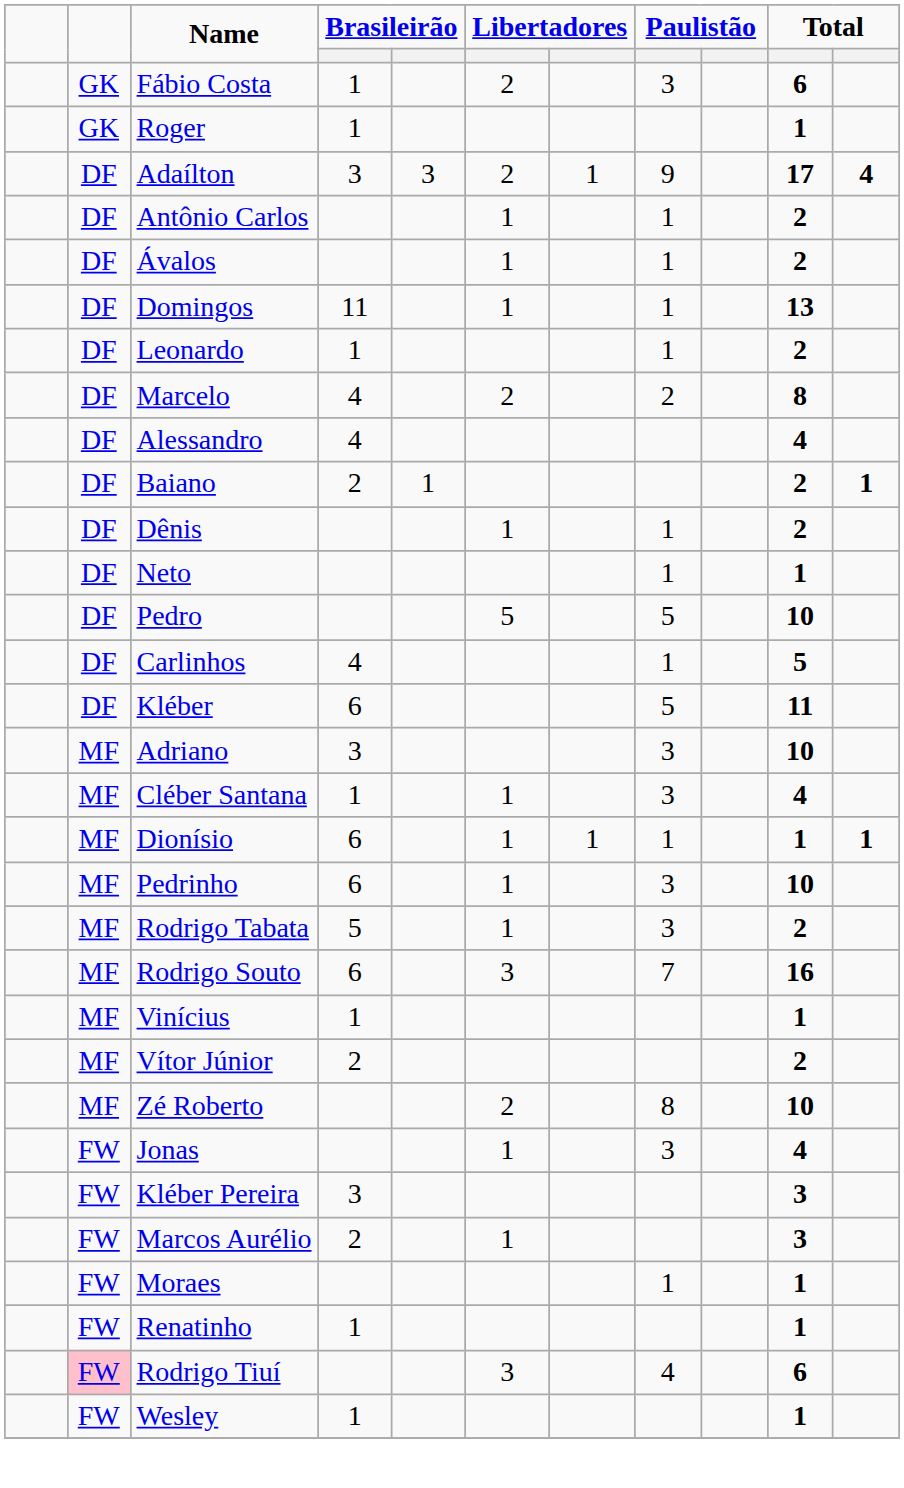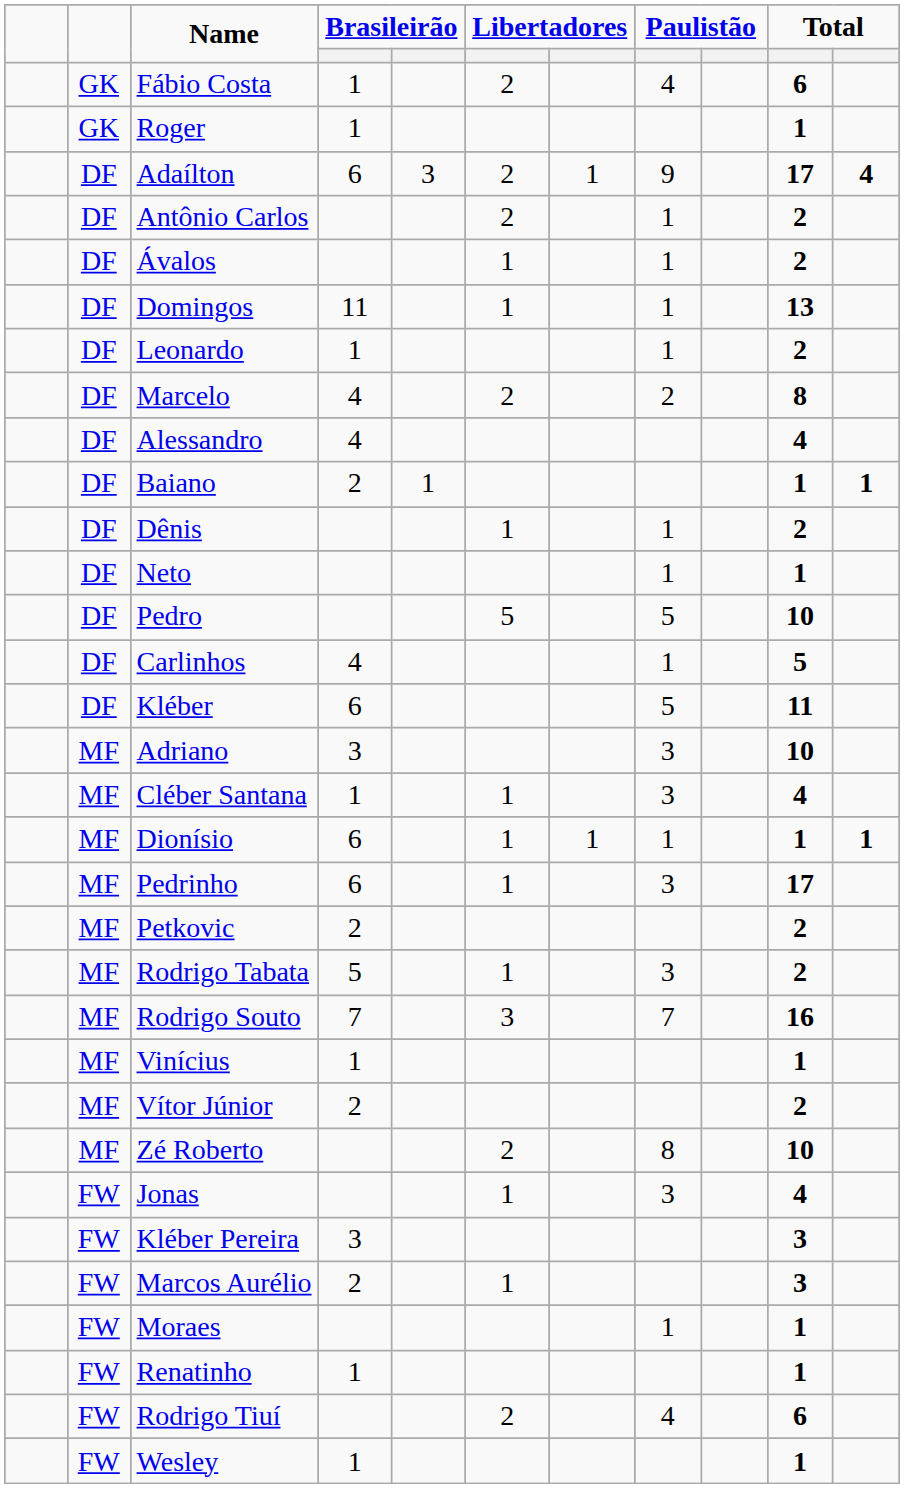 <table class="wikitable" style="text-align:center;">
 <tr style="text-align:center;">
 <td rowspan="2"  style="width:7%;"><strong></strong></td>
 <td rowspan="2"  style="width:7%;"><strong></strong></td>
 <td rowspan="2"  style="width:21%;"><strong>Name</strong></td>
 <td colspan="2"><strong><a href='#'>Brasileirão</a></strong></td>
 <td colspan="2"><strong><a href='#'>Libertadores</a></strong></td>
 <td colspan="2"><strong><a href='#'>Paulistão</a></strong></td>
 <td colspan="2"><strong>Total</strong></td>
 </tr>
 <tr>
 <th style="width:30px;"></th>
 <th style="width:30px;"></th>
 <th style="width:30px;"></th>
 <th style="width:30px;"></th>
 <th style="width:30px;"></th>
 <th style="width:30px;"></th>
 <th style="width:30px;"></th>
 <th style="width:30px;"></th>
 </tr>
 <tr>
 <td></td>
 <td><a href='#'>GK</a></td>
 <td style="text-align:left;"><a href='#'>Fábio Costa</a></td>
 <td>1</td>
 <td></td>
 <td>2</td>
 <td></td>
-<td>3</td>
+<td>4</td>
 <td></td>
 <td><strong>6</strong></td>
 <td></td>
 </tr>
 <tr>
 <td></td>
 <td><a href='#'>GK</a></td>
 <td style="text-align:left;"><a href='#'>Roger</a></td>
 <td>1</td>
 <td></td>
 <td></td>
 <td></td>
 <td></td>
 <td></td>
 <td><strong>1</strong></td>
 <td></td>
 </tr>
 <tr>
 <td></td>
 <td><a href='#'>DF</a></td>
 <td style="text-align:left;"><a href='#'>Adaílton</a></td>
-<td>3</td>
+<td>6</td>
 <td>3</td>
 <td>2</td>
 <td>1</td>
 <td>9</td>
 <td></td>
 <td><strong>17</strong></td>
 <td><strong>4</strong></td>
 </tr>
 <tr>
 <td></td>
 <td><a href='#'>DF</a></td>
 <td style="text-align:left;"><a href='#'>Antônio Carlos</a></td>
 <td></td>
 <td></td>
-<td>1</td>
+<td>2</td>
 <td></td>
 <td>1</td>
 <td></td>
 <td><strong>2</strong></td>
 <td></td>
 </tr>
 <tr>
 <td></td>
 <td><a href='#'>DF</a></td>
 <td style="text-align:left;"><a href='#'>Ávalos</a></td>
 <td></td>
 <td></td>
 <td>1</td>
 <td></td>
 <td>1</td>
 <td></td>
 <td><strong>2</strong></td>
 <td></td>
 </tr>
 <tr>
 <td></td>
 <td><a href='#'>DF</a></td>
 <td style="text-align:left;"><a href='#'>Domingos</a></td>
 <td>11</td>
 <td></td>
 <td>1</td>
 <td></td>
 <td>1</td>
 <td></td>
 <td><strong>13</strong></td>
 <td></td>
 </tr>
 <tr>
 <td></td>
 <td><a href='#'>DF</a></td>
 <td style="text-align:left;"><a href='#'>Leonardo</a></td>
 <td>1</td>
 <td></td>
 <td></td>
 <td></td>
 <td>1</td>
 <td></td>
 <td><strong>2</strong></td>
 <td></td>
 </tr>
 <tr>
 <td></td>
 <td><a href='#'>DF</a></td>
 <td style="text-align:left;"><a href='#'>Marcelo</a></td>
 <td>4</td>
 <td></td>
 <td>2</td>
 <td></td>
 <td>2</td>
 <td></td>
 <td><strong>8</strong></td>
 <td></td>
 </tr>
 <tr>
 <td></td>
 <td><a href='#'>DF</a></td>
 <td style="text-align:left;"><a href='#'>Alessandro</a></td>
 <td>4</td>
 <td></td>
 <td></td>
 <td></td>
 <td></td>
 <td></td>
 <td><strong>4</strong></td>
 <td></td>
 </tr>
 <tr>
 <td></td>
 <td><a href='#'>DF</a></td>
 <td style="text-align:left;"><a href='#'>Baiano</a></td>
 <td>2</td>
 <td>1</td>
 <td></td>
 <td></td>
 <td></td>
 <td></td>
-<td><strong>2</strong></td>
+<td><strong>1</strong></td>
 <td><strong>1</strong></td>
 </tr>
 <tr>
 <td></td>
 <td><a href='#'>DF</a></td>
 <td style="text-align:left;"><a href='#'>Dênis</a></td>
 <td></td>
 <td></td>
 <td>1</td>
 <td></td>
 <td>1</td>
 <td></td>
 <td><strong>2</strong></td>
 <td></td>
 </tr>
 <tr>
 <td></td>
 <td><a href='#'>DF</a></td>
 <td style="text-align:left;"><a href='#'>Neto</a></td>
 <td></td>
 <td></td>
 <td></td>
 <td></td>
 <td>1</td>
 <td></td>
 <td><strong>1</strong></td>
 <td></td>
 </tr>
 <tr>
 <td></td>
 <td><a href='#'>DF</a></td>
 <td style="text-align:left;"><a href='#'>Pedro</a></td>
 <td></td>
 <td></td>
 <td>5</td>
 <td></td>
 <td>5</td>
 <td></td>
 <td><strong>10</strong></td>
 <td></td>
 </tr>
 <tr>
 <td></td>
 <td><a href='#'>DF</a></td>
 <td style="text-align:left;"><a href='#'>Carlinhos</a></td>
 <td>4</td>
 <td></td>
 <td></td>
 <td></td>
 <td>1</td>
 <td></td>
 <td><strong>5</strong></td>
 <td></td>
 </tr>
 <tr>
 <td></td>
 <td><a href='#'>DF</a></td>
 <td style="text-align:left;"><a href='#'>Kléber</a></td>
 <td>6</td>
 <td></td>
 <td></td>
 <td></td>
 <td>5</td>
 <td></td>
 <td><strong>11</strong></td>
 <td></td>
 </tr>
 <tr>
 <td></td>
 <td><a href='#'>MF</a></td>
 <td style="text-align:left;"><a href='#'>Adriano</a></td>
 <td>3</td>
 <td></td>
 <td></td>
 <td></td>
 <td>3</td>
 <td></td>
 <td><strong>10</strong></td>
 <td></td>
 </tr>
 <tr>
 <td></td>
 <td><a href='#'>MF</a></td>
 <td style="text-align:left;"><a href='#'>Cléber Santana</a></td>
 <td>1</td>
 <td></td>
 <td>1</td>
 <td></td>
 <td>3</td>
 <td></td>
 <td><strong>4</strong></td>
 <td></td>
 </tr>
 <tr>
 <td></td>
 <td><a href='#'>MF</a></td>
 <td style="text-align:left;"><a href='#'>Dionísio</a></td>
 <td>6</td>
 <td></td>
 <td>1</td>
 <td>1</td>
 <td>1</td>
 <td></td>
 <td><strong>1</strong></td>
 <td><strong>1</strong></td>
 </tr>
 <tr>
 <td></td>
 <td><a href='#'>MF</a></td>
 <td style="text-align:left;"><a href='#'>Pedrinho</a></td>
 <td>6</td>
 <td></td>
 <td>1</td>
 <td></td>
 <td>3</td>
 <td></td>
-<td><strong>10</strong></td>
+<td><strong>17</strong></td>
+<td></td>
+</tr>
+<tr>
+<td></td>
+<td><a href='#'>MF</a></td>
+<td style="text-align:left;"><a href='#'>Petkovic</a></td>
+<td>2</td>
+<td></td>
+<td></td>
+<td></td>
+<td></td>
+<td></td>
+<td><strong>2</strong></td>
 <td></td>
 </tr>
 <tr>
 <td></td>
 <td><a href='#'>MF</a></td>
 <td style="text-align:left;"><a href='#'>Rodrigo Tabata</a></td>
 <td>5</td>
 <td></td>
 <td>1</td>
 <td></td>
 <td>3</td>
 <td></td>
 <td><strong>2</strong></td>
 <td></td>
 </tr>
 <tr>
 <td></td>
 <td><a href='#'>MF</a></td>
 <td style="text-align:left;"><a href='#'>Rodrigo Souto</a></td>
-<td>6</td>
+<td>7</td>
 <td></td>
 <td>3</td>
 <td></td>
 <td>7</td>
 <td></td>
 <td><strong>16</strong></td>
 <td></td>
 </tr>
 <tr>
 <td></td>
 <td><a href='#'>MF</a></td>
 <td style="text-align:left;"><a href='#'>Vinícius</a></td>
 <td>1</td>
 <td></td>
 <td></td>
 <td></td>
 <td></td>
 <td></td>
 <td><strong>1</strong></td>
 <td></td>
 </tr>
 <tr>
 <td></td>
 <td><a href='#'>MF</a></td>
 <td style="text-align:left;"><a href='#'>Vítor Júnior</a></td>
 <td>2</td>
 <td></td>
 <td></td>
 <td></td>
 <td></td>
 <td></td>
 <td><strong>2</strong></td>
 <td></td>
 </tr>
 <tr>
 <td></td>
 <td><a href='#'>MF</a></td>
 <td style="text-align:left;"><a href='#'>Zé Roberto</a></td>
 <td></td>
 <td></td>
 <td>2</td>
 <td></td>
 <td>8</td>
 <td></td>
 <td><strong>10</strong></td>
 <td></td>
 </tr>
 <tr>
 <td></td>
 <td><a href='#'>FW</a></td>
 <td style="text-align:left;"><a href='#'>Jonas</a></td>
 <td></td>
 <td></td>
 <td>1</td>
 <td></td>
 <td>3</td>
 <td></td>
 <td><strong>4</strong></td>
 <td></td>
 </tr>
 <tr>
 <td></td>
 <td><a href='#'>FW</a></td>
 <td style="text-align:left;"><a href='#'>Kléber Pereira</a></td>
 <td>3</td>
 <td></td>
 <td></td>
 <td></td>
 <td></td>
 <td></td>
 <td><strong>3</strong></td>
 <td></td>
 </tr>
 <tr>
 <td></td>
 <td><a href='#'>FW</a></td>
 <td style="text-align:left;"><a href='#'>Marcos Aurélio</a></td>
 <td>2</td>
 <td></td>
 <td>1</td>
 <td></td>
 <td></td>
 <td></td>
 <td><strong>3</strong></td>
 <td></td>
 </tr>
 <tr>
 <td></td>
 <td><a href='#'>FW</a></td>
 <td style="text-align:left;"><a href='#'>Moraes</a></td>
 <td></td>
 <td></td>
 <td></td>
 <td></td>
 <td>1</td>
 <td></td>
 <td><strong>1</strong></td>
 <td></td>
 </tr>
 <tr>
 <td></td>
 <td><a href='#'>FW</a></td>
 <td style="text-align:left;"><a href='#'>Renatinho</a></td>
 <td>1</td>
 <td></td>
 <td></td>
 <td></td>
 <td></td>
 <td></td>
 <td><strong>1</strong></td>
 <td></td>
 </tr>
 <tr>
 <td></td>
-<td style="background: pink;"><a href='#'>FW</a></td>
+<td><a href='#'>FW</a></td>
 <td style="text-align:left;"><a href='#'>Rodrigo Tiuí</a></td>
 <td></td>
 <td></td>
-<td>3</td>
+<td>2</td>
 <td></td>
 <td>4</td>
 <td></td>
 <td><strong>6</strong></td>
 <td></td>
 </tr>
 <tr>
 <td></td>
 <td><a href='#'>FW</a></td>
 <td style="text-align:left;"><a href='#'>Wesley</a></td>
 <td>1</td>
 <td></td>
 <td></td>
 <td></td>
 <td></td>
 <td></td>
 <td><strong>1</strong></td>
 <td></td>
 </tr>
 <tr>
 </tr>
 </table>
